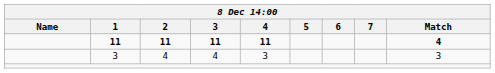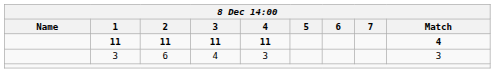 <table class=wikitable style="text-align:center; width: 55%">
 <tr>
 <th colspan=17><em> 8 Dec 14:00</em></th>
 </tr>
 <tr>
 <th>Name</th>
 <th>1</th>
 <th>2</th>
 <th>3</th>
 <th>4</th>
 <th>5</th>
 <th>6</th>
 <th>7</th>
 <th>Match</th>
 </tr>
 <tr>
 <td style="text-align:left;"><strong></strong></td>
 <td><strong>11</strong></td>
 <td><strong>11</strong></td>
 <td><strong>11</strong></td>
 <td><strong>11</strong></td>
 <td></td>
 <td></td>
 <td></td>
 <td><strong>4</strong></td>
 </tr>
 <tr>
 <td style="text-align:left;"></td>
 <td>3</td>
-<td>4</td>
+<td>6</td>
 <td>4</td>
 <td>3</td>
 <td></td>
 <td></td>
 <td></td>
 <td>3</td>
 </tr>
 <tr>
 <td colspan=17></td>
 </tr>
 </table>
